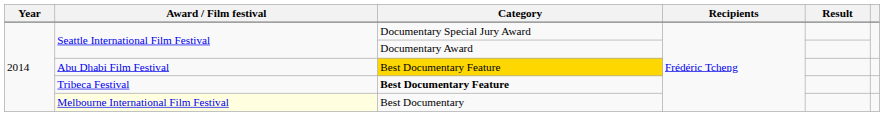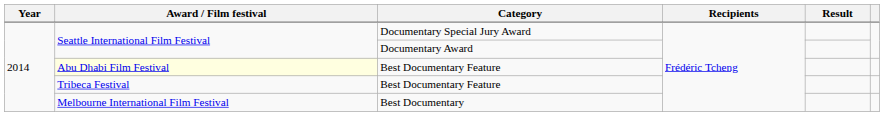 <table class="wikitable sortable" width="99%">
 <tr>
 <th scope="col">Year</th>
 <th scope="col">Award / Film festival</th>
 <th scope="col">Category</th>
 <th scope="col">Recipients</th>
 <th scope="col">Result</th>
 <th scope="col" class="unsortable"></th>
 </tr>
 <tr style="border-top:2px solid gray;">
 </tr>
 <tr>
 <td rowspan="5">2014</td>
 <td rowspan="2"><a href='#'>Seattle International Film Festival</a></td>
 <td>Documentary Special Jury Award</td>
 <td rowspan="5"><a href='#'>Frédéric Tcheng</a></td>
 <td></td>
 <td rowspan="2"></td>
 </tr>
 <tr>
 <td>Documentary Award</td>
 <td></td>
 </tr>
 <tr>
-<td><a href='#'>Abu Dhabi Film Festival</a></td>
-<td style="background: gold;">Best Documentary Feature</td>
+<td style="background: lightyellow;"><a href='#'>Abu Dhabi Film Festival</a></td>
+<td>Best Documentary Feature</td>
 <td></td>
 <td></td>
 </tr>
 <tr>
 <td><a href='#'>Tribeca Festival</a></td>
-<td><strong>Best Documentary Feature</strong></td>
+<td>Best Documentary Feature</td>
 <td></td>
 <td></td>
 </tr>
 <tr>
-<td style="background: lightyellow;"><a href='#'>Melbourne International Film Festival</a></td>
+<td><a href='#'>Melbourne International Film Festival</a></td>
 <td>Best Documentary</td>
 <td></td>
 <td></td>
 </tr>
 </table>
